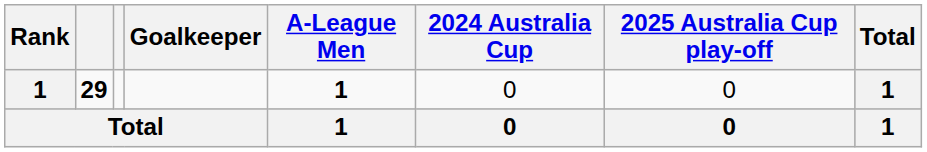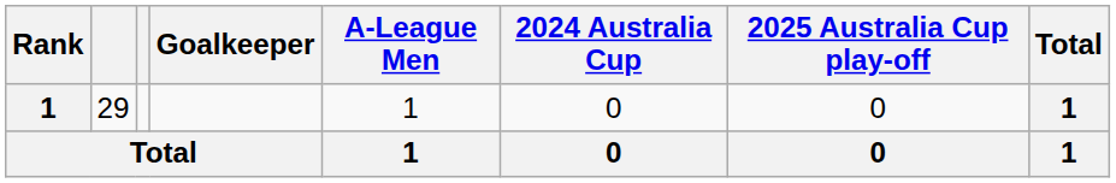 <table class="wikitable" style="text-align:center">
 <tr>
 <th>Rank</th>
 <th></th>
 <th></th>
 <th>Goalkeeper</th>
 <th><a href='#'>A-League Men</a></th>
 <th><a href='#'>2024 Australia Cup</a></th>
 <th><a href='#'>2025 Australia Cup play-off</a></th>
 <th>Total</th>
 </tr>
 <tr>
 <th>1</th>
-<td><strong>29</strong></td>
+<td>29</td>
 <td></td>
 <td align="left"></td>
-<td><strong>1</strong></td>
+<td>1</td>
 <td>0</td>
 <td>0</td>
 <th>1</th>
 </tr>
 <tr>
 <th colspan="4">Total</th>
 <th>1</th>
 <th>0</th>
 <th>0</th>
 <th>1</th>
 </tr>
 </table>
